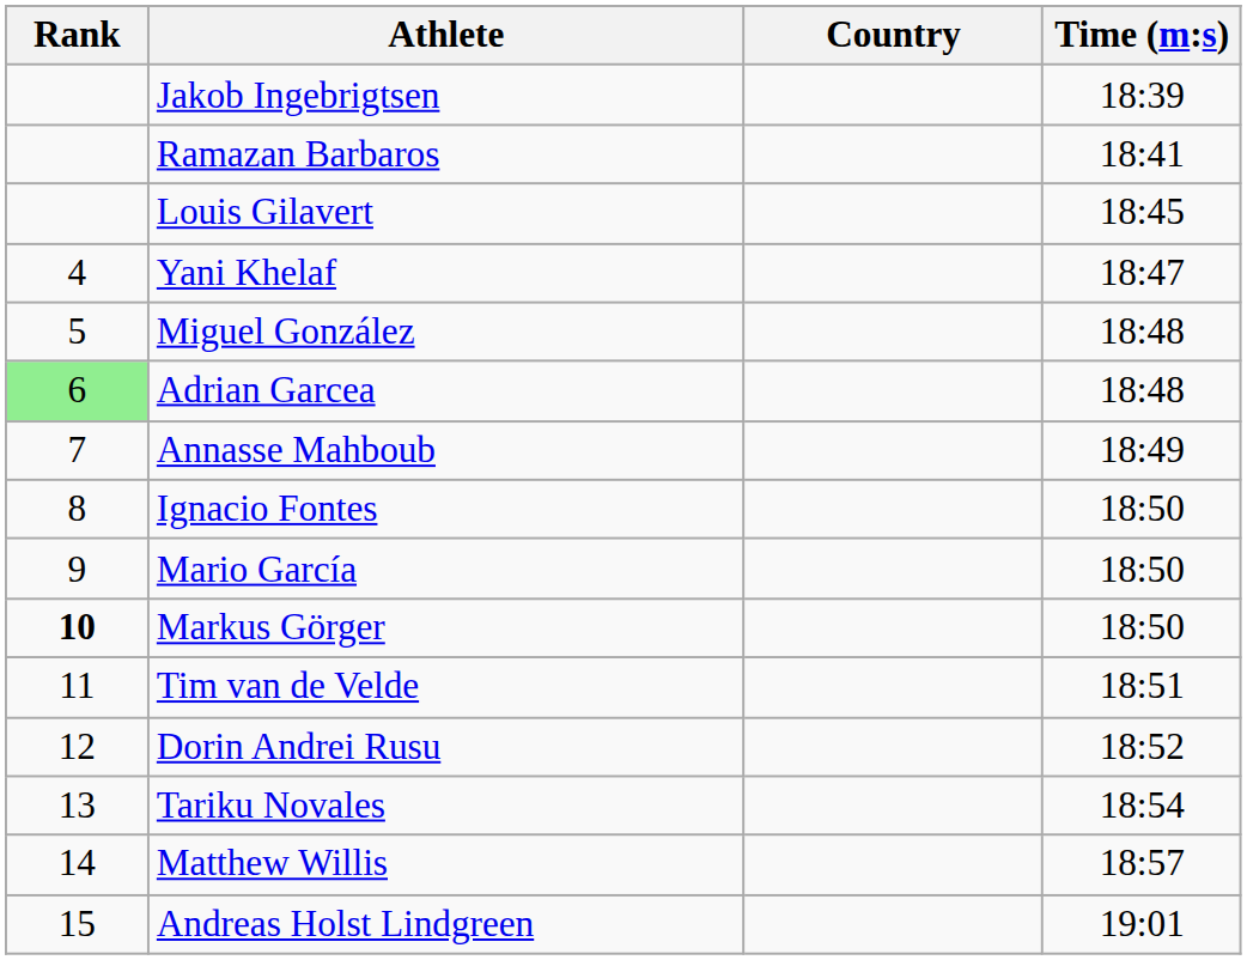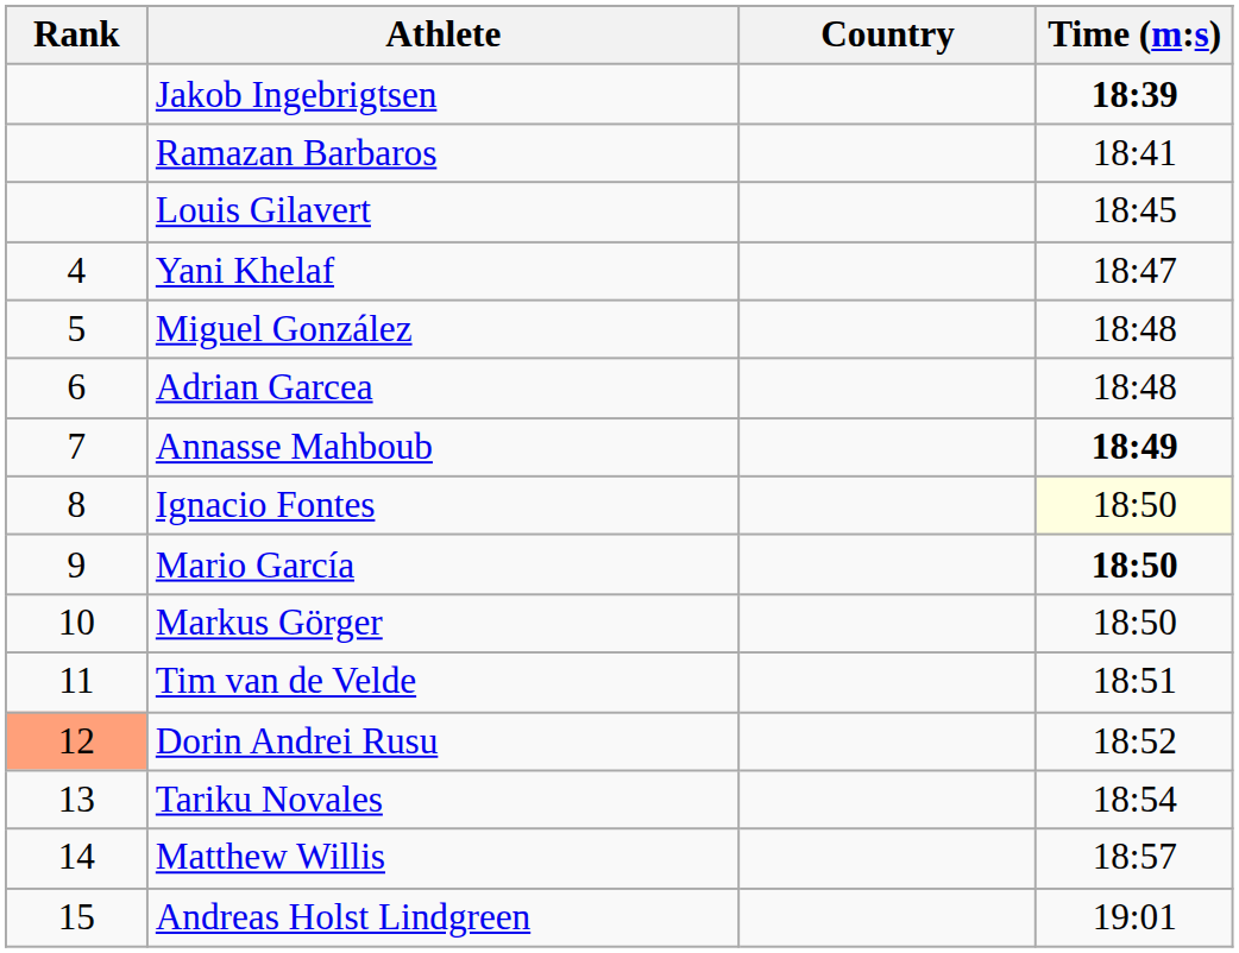 <table class="wikitable" style="text-align:center;" width="60%">
 <tr>
 </tr>
 <tr>
 <th width=5%>Rank</th>
 <th width=30%>Athlete</th>
 <th width=15%>Country</th>
 <th width=10%>Time (<a href='#'>m</a>:<a href='#'>s</a>)</th>
 </tr>
 <tr>
 <td></td>
 <td align=left><a href='#'>Jakob Ingebrigtsen</a></td>
 <td align=left></td>
-<td>18:39</td>
+<td><strong>18:39</strong></td>
 </tr>
 <tr>
 <td></td>
 <td align=left><a href='#'>Ramazan Barbaros</a></td>
 <td align=left></td>
 <td>18:41</td>
 </tr>
 <tr>
 <td></td>
 <td align=left><a href='#'>Louis Gilavert</a></td>
 <td align=left></td>
 <td>18:45</td>
 </tr>
 <tr>
 <td>4</td>
 <td align=left><a href='#'>Yani Khelaf</a></td>
 <td align=left></td>
 <td>18:47</td>
 </tr>
 <tr>
 <td>5</td>
 <td align=left><a href='#'>Miguel González</a></td>
 <td align=left></td>
 <td>18:48</td>
 </tr>
 <tr>
-<td style="background: lightgreen;">6</td>
+<td>6</td>
 <td align=left><a href='#'>Adrian Garcea</a></td>
 <td align=left></td>
 <td>18:48</td>
 </tr>
 <tr>
 <td>7</td>
 <td align=left><a href='#'>Annasse Mahboub</a></td>
 <td align=left></td>
-<td>18:49</td>
+<td><strong>18:49</strong></td>
 </tr>
 <tr>
 <td>8</td>
 <td align=left><a href='#'>Ignacio Fontes</a></td>
 <td align=left></td>
-<td>18:50</td>
+<td style="background: lightyellow;">18:50</td>
 </tr>
 <tr>
 <td>9</td>
 <td align=left><a href='#'>Mario García</a></td>
 <td align=left></td>
-<td>18:50</td>
+<td><strong>18:50</strong></td>
 </tr>
 <tr>
-<td><strong>10</strong></td>
+<td>10</td>
 <td align=left><a href='#'>Markus Görger</a></td>
 <td align=left></td>
 <td>18:50</td>
 </tr>
 <tr>
 <td>11</td>
 <td align=left><a href='#'>Tim van de Velde</a></td>
 <td align=left></td>
 <td>18:51</td>
 </tr>
 <tr>
-<td>12</td>
+<td style="background: lightsalmon;">12</td>
 <td align=left><a href='#'>Dorin Andrei Rusu</a></td>
 <td align=left></td>
 <td>18:52</td>
 </tr>
 <tr>
 <td>13</td>
 <td align=left><a href='#'>Tariku Novales</a></td>
 <td align=left></td>
 <td>18:54</td>
 </tr>
 <tr>
 <td>14</td>
 <td align=left><a href='#'>Matthew Willis</a></td>
 <td align=left></td>
 <td>18:57</td>
 </tr>
 <tr>
 <td>15</td>
 <td align=left><a href='#'>Andreas Holst Lindgreen</a></td>
 <td align=left></td>
 <td>19:01</td>
 </tr>
 </table>
